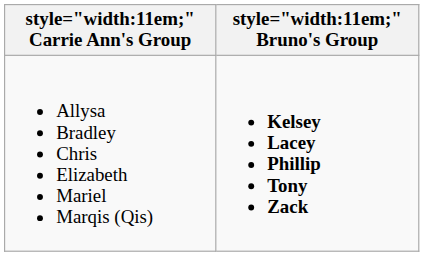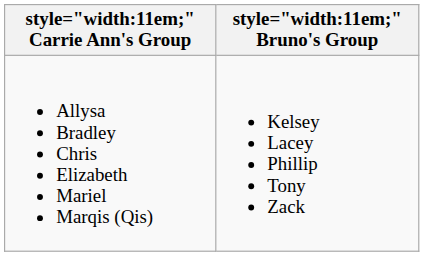 <table class="wikitable" style="width:22em;">
 <tr>
 <th>style="width:11em;" <strong>Carrie Ann's Group</strong></th>
 <th>style="width:11em;" <strong>Bruno's Group</strong></th>
 </tr>
 <tr>
 <td><br><ul><li>Allysa</li><li>Bradley</li><li>Chris</li><li>Elizabeth</li><li>Mariel</li><li>Marqis (Qis)</li></ul></td>
-<td><strong><br><ul><li>Kelsey</li><li>Lacey</li><li>Phillip</li><li>Tony</li><li>Zack</li></ul></strong></td>
+<td><br><ul><li>Kelsey</li><li>Lacey</li><li>Phillip</li><li>Tony</li><li>Zack</li></ul></td>
 </tr>
 </table>
